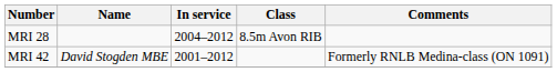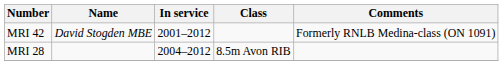 <table class="wikitable">
 <tr>
 <th>Number</th>
 <th>Name</th>
 <th>In service</th>
 <th>Class</th>
 <th>Comments</th>
 </tr>
 <tr>
+<td>MRI 42</td>
+<td><em>David Stogden MBE</em></td>
+<td>2001–2012</td>
+<td></td>
+<td>Formerly RNLB Medina-class (ON 1091)</td>
+</tr>
+<tr>
 <td>MRI 28</td>
 <td></td>
 <td>2004–2012</td>
 <td>8.5m Avon RIB</td>
 <td></td>
 </tr>
 <tr>
-<td>MRI 42</td>
-<td><em>David Stogden MBE</em></td>
-<td>2001–2012</td>
-<td></td>
-<td>Formerly RNLB Medina-class (ON 1091)</td>
-</tr>
-<tr>
 </tr>
 </table>
